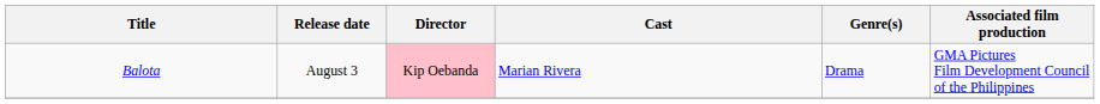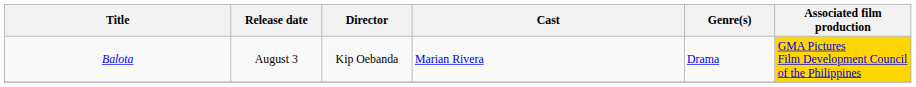 <table class="wikitable" style="width:97%">
 <tr>
 <th style="width:25%;">Title</th>
 <th style="width:10%;">Release date</th>
 <th style="width:10%;">Director</th>
 <th style="width:30%;">Cast</th>
 <th style="width:10%;">Genre(s)</th>
 <th style="width:15%;">Associated film production</th>
 </tr>
 <tr>
 <td style="text-align: center;"><em><a href='#'>Balota</a></em></td>
 <td style="text-align: center;">August 3</td>
-<td style="background: pink; text-align: center;">Kip Oebanda</td>
+<td style="text-align: center;">Kip Oebanda</td>
 <td><a href='#'>Marian Rivera</a></td>
 <td><a href='#'>Drama</a></td>
-<td><a href='#'>GMA Pictures</a><br><a href='#'>Film Development Council of the Philippines</a></td>
+<td style="background: gold;"><a href='#'>GMA Pictures</a><br><a href='#'>Film Development Council of the Philippines</a></td>
 </tr>
 <tr>
 </tr>
 </table>
